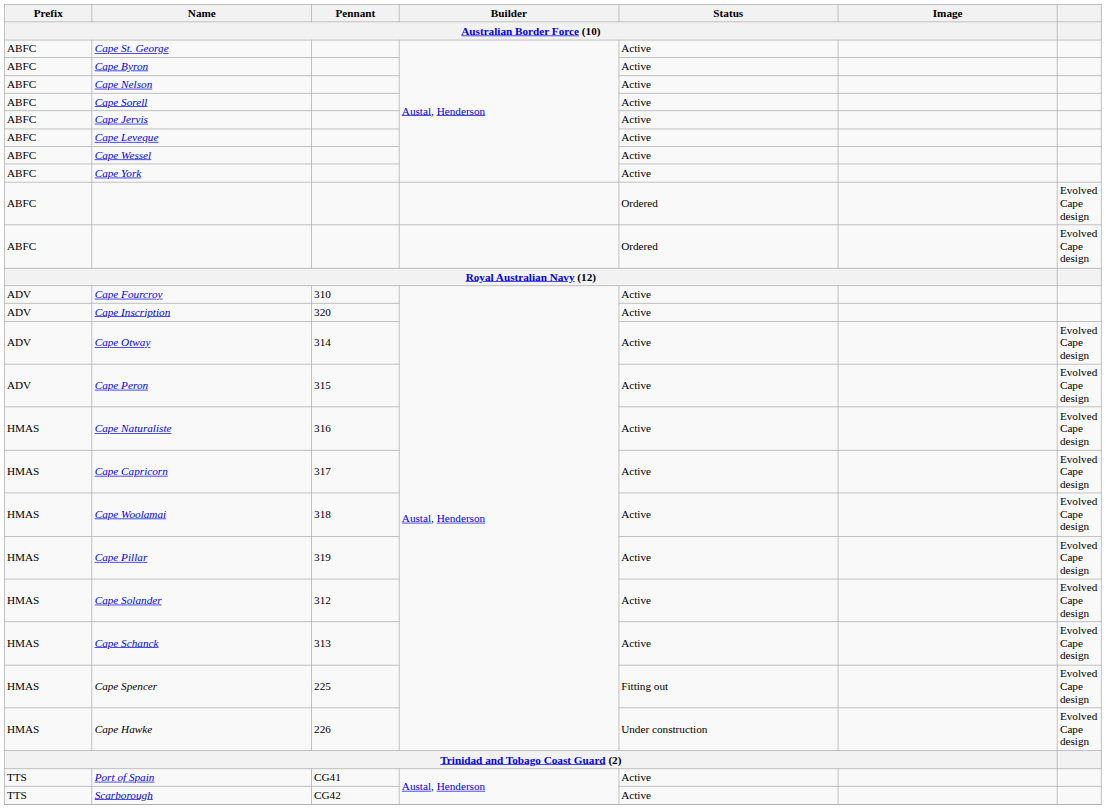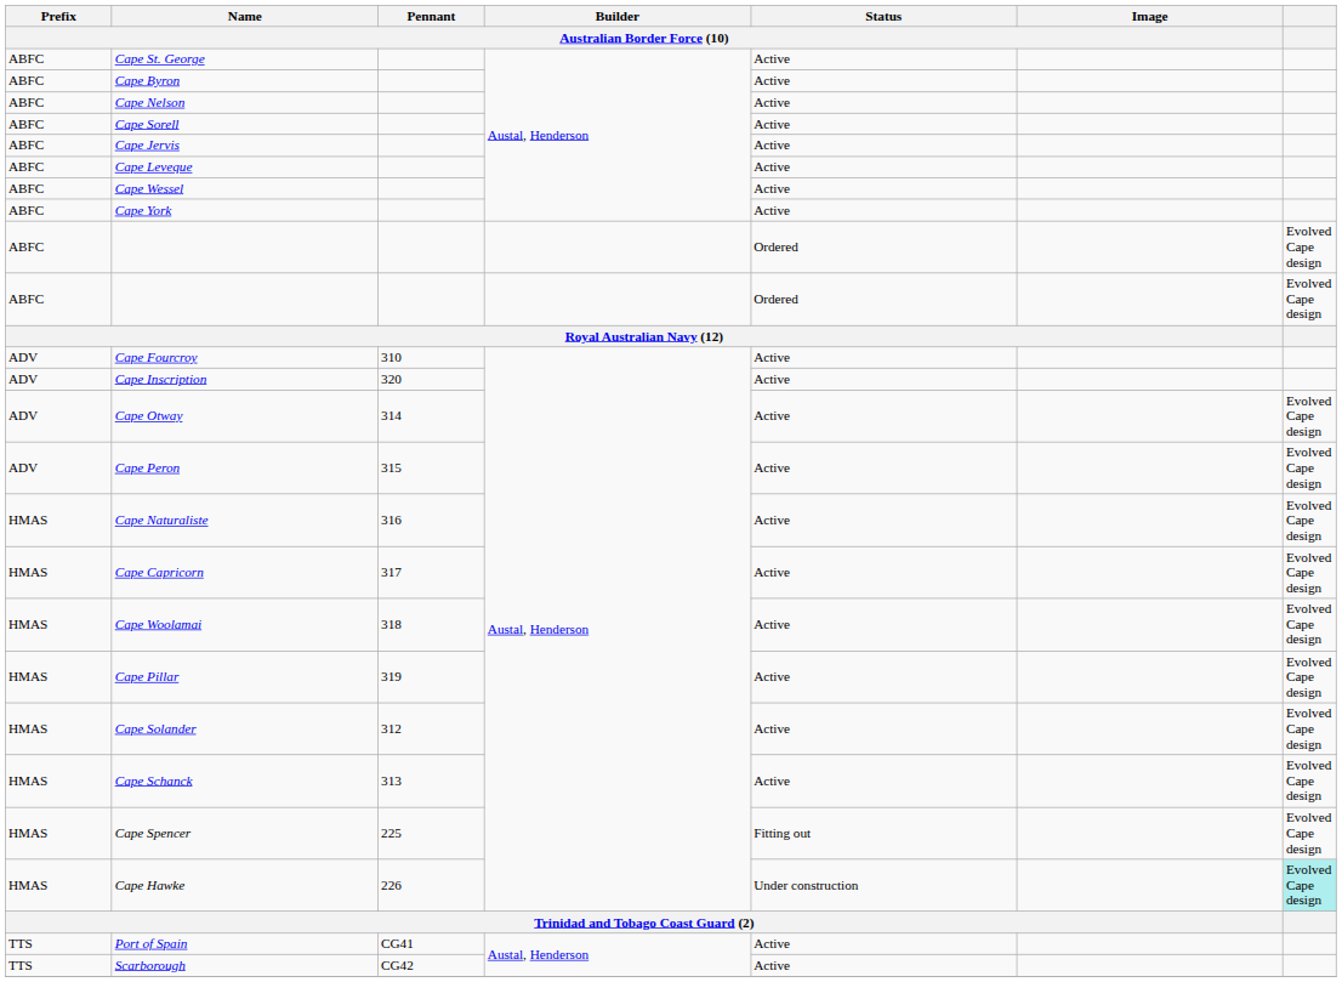 <table class="wikitable">
 <tr style="background:#efefef;">
 <th style="text-align:center; width:8%;">Prefix</th>
 <th style="text-align:center; width:20%;">Name</th>
 <th style="text-align:center; width:8%;">Pennant</th>
 <th style="text-align:center; width:20%;">Builder</th>
 <th style="text-align:center; width:20%;">Status</th>
 <th style="text-align:center; width:20%;">Image</th>
 <th></th>
 </tr>
 <tr>
 <th colspan=6><a href='#'>Australian Border Force</a> (10)</th>
 <th></th>
 </tr>
 <tr>
 <td>ABFC</td>
 <td><a href='#'><em>Cape St. George</em></a></td>
 <td></td>
 <td rowspan=8><a href='#'>Austal</a>, <a href='#'>Henderson</a></td>
 <td>Active</td>
 <td></td>
 <td></td>
 </tr>
 <tr>
 <td>ABFC</td>
 <td><a href='#'><em>Cape Byron</em></a></td>
 <td></td>
 <td>Active</td>
 <td></td>
 <td></td>
 </tr>
 <tr>
 <td>ABFC</td>
 <td><a href='#'><em>Cape Nelson</em></a></td>
 <td></td>
 <td>Active</td>
 <td></td>
 <td></td>
 </tr>
 <tr>
 <td>ABFC</td>
 <td><a href='#'><em>Cape Sorell</em></a></td>
 <td></td>
 <td>Active</td>
 <td></td>
 <td></td>
 </tr>
 <tr>
 <td>ABFC</td>
 <td><a href='#'><em>Cape Jervis</em></a></td>
 <td></td>
 <td>Active</td>
 <td></td>
 <td></td>
 </tr>
 <tr>
 <td>ABFC</td>
 <td><a href='#'><em>Cape Leveque</em></a></td>
 <td></td>
 <td>Active</td>
 <td></td>
 <td></td>
 </tr>
 <tr>
 <td>ABFC</td>
 <td><a href='#'><em>Cape Wessel</em></a></td>
 <td></td>
 <td>Active</td>
 <td></td>
 <td></td>
 </tr>
 <tr>
 <td>ABFC</td>
 <td><a href='#'><em>Cape York</em></a></td>
 <td></td>
 <td>Active</td>
 <td></td>
 <td></td>
 </tr>
 <tr>
 <td>ABFC</td>
 <td></td>
 <td></td>
 <td></td>
 <td>Ordered</td>
 <td></td>
 <td>Evolved Cape design</td>
 </tr>
 <tr>
 <td>ABFC</td>
 <td></td>
 <td></td>
 <td></td>
 <td>Ordered</td>
 <td></td>
 <td>Evolved Cape design</td>
 </tr>
 <tr>
 <th colspan=6><a href='#'>Royal Australian Navy</a> (12)</th>
 <th></th>
 </tr>
 <tr>
 <td>ADV</td>
 <td><em><a href='#'>Cape Fourcroy</a></em></td>
 <td>310</td>
 <td rowspan=12><a href='#'>Austal</a>, <a href='#'>Henderson</a></td>
 <td>Active</td>
 <td></td>
 <td></td>
 </tr>
 <tr>
 <td>ADV</td>
 <td><em><a href='#'>Cape Inscription</a></em></td>
 <td>320</td>
 <td>Active</td>
 <td></td>
 <td></td>
 </tr>
 <tr>
 <td>ADV</td>
 <td><em><a href='#'>Cape Otway</a></em></td>
 <td>314</td>
 <td>Active</td>
 <td></td>
 <td>Evolved Cape design</td>
 </tr>
 <tr>
 <td>ADV</td>
 <td><a href='#'><em>Cape Peron</em></a></td>
 <td>315</td>
 <td>Active</td>
 <td></td>
 <td>Evolved Cape design</td>
 </tr>
 <tr>
 <td>HMAS</td>
 <td><a href='#'><em>Cape Naturaliste</em></a></td>
 <td>316</td>
 <td>Active</td>
 <td></td>
 <td>Evolved Cape design</td>
 </tr>
 <tr>
 <td>HMAS</td>
 <td><a href='#'><em>Cape Capricorn</em></a></td>
 <td>317</td>
 <td>Active</td>
 <td></td>
 <td>Evolved Cape design</td>
 </tr>
 <tr>
 <td>HMAS</td>
 <td><a href='#'><em>Cape Woolamai</em></a></td>
 <td>318</td>
 <td>Active</td>
 <td></td>
 <td>Evolved Cape design</td>
 </tr>
 <tr>
 <td>HMAS</td>
 <td><a href='#'><em>Cape Pillar</em></a></td>
 <td>319</td>
 <td>Active</td>
 <td></td>
 <td>Evolved Cape design</td>
 </tr>
 <tr>
 <td>HMAS</td>
 <td><a href='#'><em>Cape Solander</em></a></td>
 <td>312</td>
 <td>Active</td>
 <td></td>
 <td>Evolved Cape design</td>
 </tr>
 <tr>
 <td>HMAS</td>
 <td><a href='#'><em>Cape Schanck</em></a></td>
 <td>313</td>
 <td>Active</td>
 <td></td>
 <td>Evolved Cape design</td>
 </tr>
 <tr>
 <td>HMAS</td>
 <td><em>Cape Spencer</em></td>
 <td>225</td>
 <td>Fitting out</td>
 <td></td>
 <td>Evolved Cape design</td>
 </tr>
 <tr>
 <td>HMAS</td>
 <td><em>Cape Hawke</em></td>
 <td>226</td>
 <td>Under construction</td>
 <td></td>
-<td>Evolved Cape design</td>
+<td style="background: paleturquoise;">Evolved Cape design</td>
 </tr>
 <tr>
 <th colspan=6><a href='#'>Trinidad and Tobago Coast Guard</a> (2)</th>
 <th></th>
 </tr>
 <tr>
 <td>TTS</td>
 <td><a href='#'><em>Port of Spain</em></a></td>
 <td>CG41</td>
 <td rowspan=2><a href='#'>Austal</a>, <a href='#'>Henderson</a></td>
 <td>Active</td>
 <td></td>
 <td></td>
 </tr>
 <tr>
 <td>TTS</td>
 <td><a href='#'><em>Scarborough</em></a></td>
 <td>CG42</td>
 <td>Active</td>
 <td></td>
 <td></td>
 </tr>
 <tr>
 </tr>
 </table>
